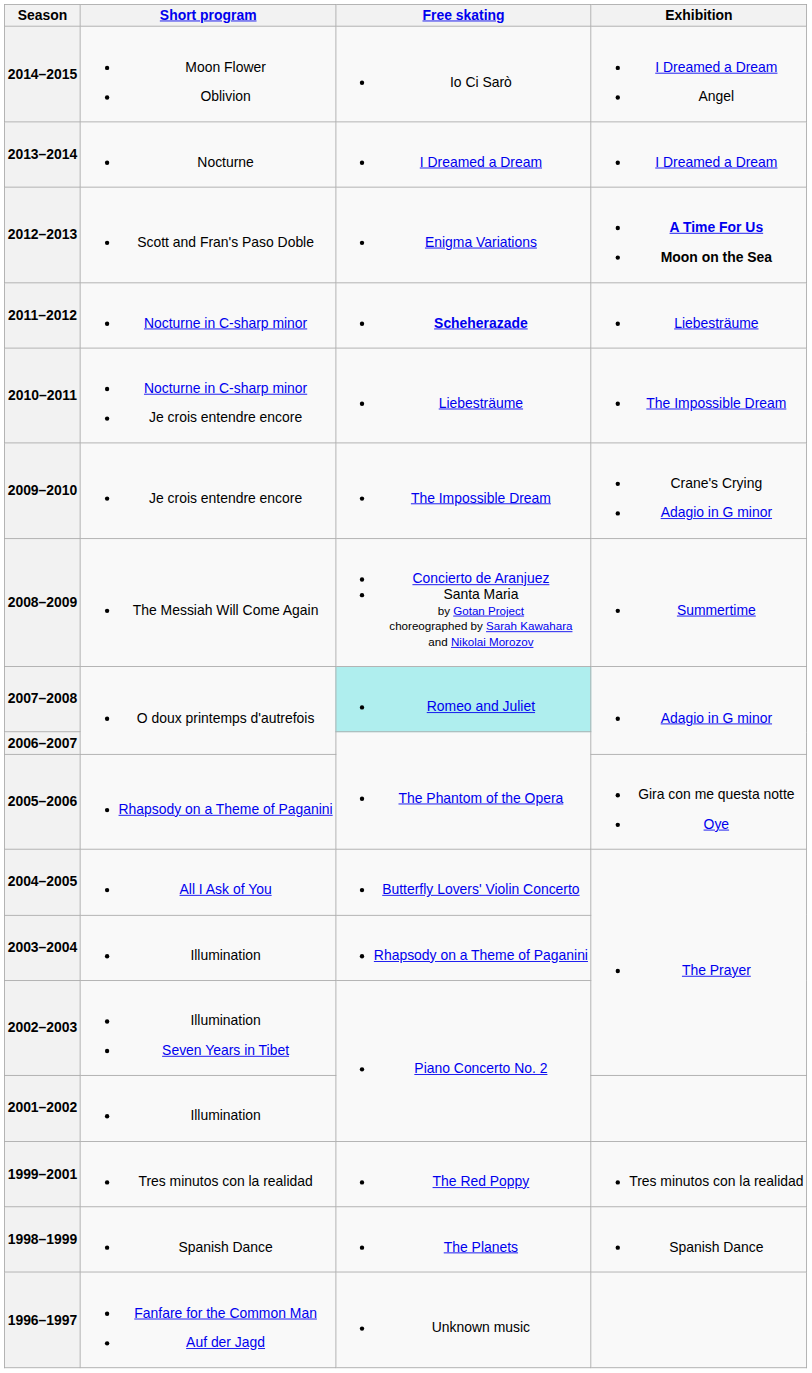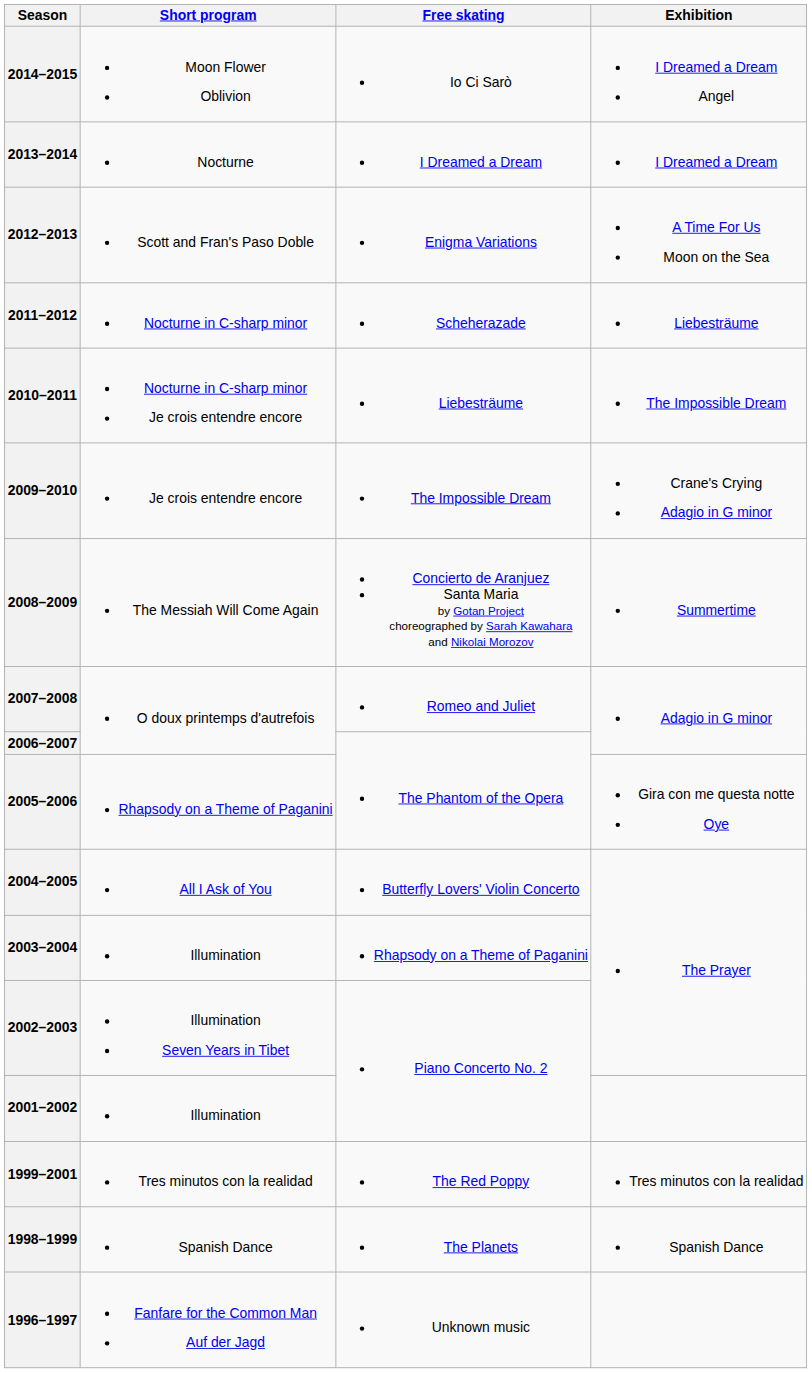 <table class= "wikitable" style="text-align:center">
 <tr>
 <th>Season</th>
 <th><a href='#'>Short program</a></th>
 <th><a href='#'>Free skating</a></th>
 <th>Exhibition</th>
 </tr>
 <tr>
 <th>2014–2015</th>
 <td><br><ul><li>Moon Flower<br></li></ul><ul><li>Oblivion<br></li></ul></td>
 <td><br><ul><li>Io Ci Sarò<br></li></ul></td>
 <td><br><ul><li><a href='#'>I Dreamed a Dream</a><br></li></ul><ul><li>Angel<br></li></ul></td>
 </tr>
 <tr>
 <th>2013–2014</th>
 <td><br><ul><li>Nocturne<br></li></ul></td>
 <td><br><ul><li><a href='#'>I Dreamed a Dream</a><br></li></ul></td>
 <td><br><ul><li><a href='#'>I Dreamed a Dream</a><br></li></ul></td>
 </tr>
 <tr>
 <th>2012–2013</th>
 <td><br><ul><li>Scott and Fran's Paso Doble<br></li></ul></td>
 <td><br><ul><li><a href='#'>Enigma Variations</a><br></li></ul></td>
-<td><strong><br><ul><li><a href='#'>A Time For Us</a><br></li></ul><ul><li>Moon on the Sea<br></li></ul></strong></td>
+<td><br><ul><li><a href='#'>A Time For Us</a><br></li></ul><ul><li>Moon on the Sea<br></li></ul></td>
 </tr>
 <tr>
 <th>2011–2012</th>
 <td><br><ul><li><a href='#'>Nocturne in C-sharp minor</a> <br></li></ul></td>
-<td><strong><br><ul><li><a href='#'>Scheherazade</a> <br></li></ul></strong></td>
+<td><br><ul><li><a href='#'>Scheherazade</a> <br></li></ul></td>
 <td><br><ul><li><a href='#'>Liebesträume</a> <br></li></ul></td>
 </tr>
 <tr>
 <th>2010–2011</th>
 <td><br><ul><li><a href='#'>Nocturne in C-sharp minor</a> <br></li></ul><ul><li>Je crois entendre encore<br></li></ul></td>
 <td><br><ul><li><a href='#'>Liebesträume</a> <br></li></ul></td>
 <td><br><ul><li><a href='#'>The Impossible Dream</a><br></li></ul></td>
 </tr>
 <tr>
 <th>2009–2010</th>
 <td><br><ul><li>Je crois entendre encore<br></li></ul></td>
 <td><br><ul><li><a href='#'>The Impossible Dream</a><br></li></ul></td>
 <td><br><ul><li>Crane's Crying <br></li></ul><ul><li><a href='#'>Adagio in G minor</a> <br></li></ul></td>
 </tr>
 <tr>
 <th>2008–2009</th>
 <td><br><ul><li>The Messiah Will Come Again</li></ul></td>
 <td><br><ul><li><a href='#'>Concierto de Aranjuez</a> <br></li><li>Santa Maria<br><small> by <a href='#'>Gotan Project</a> <br> choreographed by <a href='#'>Sarah Kawahara</a><br> and <a href='#'>Nikolai Morozov</a> </small></li></ul></td>
 <td><br><ul><li><a href='#'>Summertime</a> <br></li></ul></td>
 </tr>
 <tr>
 <th>2007–2008</th>
 <td rowspan=2><br><ul><li>O doux printemps d'autrefois<br></li></ul></td>
-<td style="background: paleturquoise;"><br><ul><li><a href='#'>Romeo and Juliet</a><br></li></ul></td>
+<td><br><ul><li><a href='#'>Romeo and Juliet</a><br></li></ul></td>
 <td rowspan=2><br><ul><li><a href='#'>Adagio in G minor</a> <br></li></ul></td>
 </tr>
 <tr>
 <th>2006–2007</th>
 <td rowspan=2><br><ul><li><a href='#'>The Phantom of the Opera</a><br></li></ul></td>
 </tr>
 <tr>
 <th>2005–2006</th>
 <td><br><ul><li><a href='#'>Rhapsody on a Theme of Paganini</a><br></li></ul></td>
 <td><br><ul><li>Gira con me questa notte<br></li></ul><ul><li><a href='#'>Oye</a> <br></li></ul></td>
 </tr>
 <tr>
 <th>2004–2005</th>
 <td><br><ul><li><a href='#'>All I Ask of You</a><br></li></ul></td>
 <td><br><ul><li><a href='#'>Butterfly Lovers' Violin Concerto</a> <br></li></ul></td>
 <td rowspan=3><br><ul><li><a href='#'>The Prayer</a> <br></li></ul></td>
 </tr>
 <tr>
 <th>2003–2004</th>
 <td><br><ul><li>Illumination<br></li></ul></td>
 <td><br><ul><li><a href='#'>Rhapsody on a Theme of Paganini</a><br></li></ul></td>
 </tr>
 <tr>
 <th>2002–2003</th>
 <td><br><ul><li>Illumination<br></li></ul><ul><li><a href='#'>Seven Years in Tibet</a><br></li></ul></td>
 <td rowspan=2><br><ul><li><a href='#'>Piano Concerto No. 2</a> <br></li></ul></td>
 </tr>
 <tr>
 <th>2001–2002</th>
 <td><br><ul><li>Illumination<br></li></ul></td>
 <td></td>
 </tr>
 <tr>
 <th>1999–2001</th>
 <td><br><ul><li>Tres minutos con la realidad<br></li></ul></td>
 <td><br><ul><li><a href='#'>The Red Poppy</a><br></li></ul></td>
 <td><br><ul><li>Tres minutos con la realidad<br></li></ul></td>
 </tr>
 <tr>
 <th>1998–1999</th>
 <td><br><ul><li>Spanish Dance<br></li></ul></td>
 <td><br><ul><li><a href='#'>The Planets</a><br></li></ul></td>
 <td><br><ul><li>Spanish Dance<br></li></ul></td>
 </tr>
 <tr>
 <th>1996–1997</th>
 <td><br><ul><li><a href='#'>Fanfare for the Common Man</a> <br></li></ul><ul><li><a href='#'>Auf der Jagd</a> <br></li></ul></td>
 <td><br><ul><li>Unknown music</li></ul></td>
 <td></td>
 </tr>
 </table>
